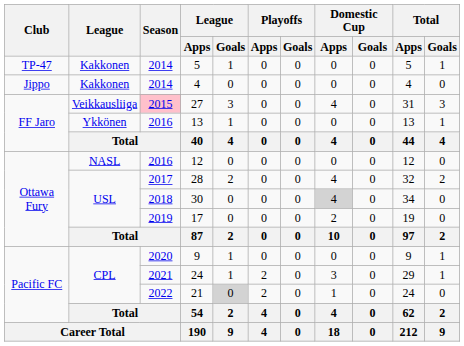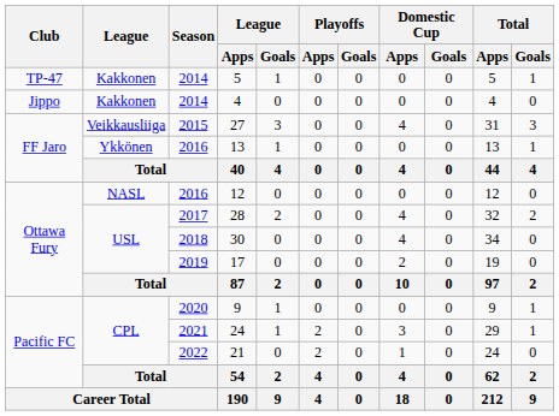 <table class="wikitable" style="text-align: center;">
 <tr>
 <th rowspan="2">Club</th>
 <th rowspan="2">League</th>
 <th rowspan="2">Season</th>
 <th colspan="2">League</th>
 <th colspan="2">Playoffs</th>
 <th colspan="2">Domestic Cup</th>
 <th colspan="2">Total</th>
 </tr>
 <tr>
 <th>Apps</th>
 <th>Goals</th>
 <th>Apps</th>
 <th>Goals</th>
 <th>Apps</th>
 <th>Goals</th>
 <th>Apps</th>
 <th>Goals</th>
 </tr>
 <tr>
 <td><a href='#'>TP-47</a></td>
 <td><a href='#'>Kakkonen</a></td>
 <td><a href='#'>2014</a></td>
 <td>5</td>
 <td>1</td>
 <td>0</td>
 <td>0</td>
 <td>0</td>
 <td>0</td>
 <td>5</td>
 <td>1</td>
 </tr>
 <tr>
 <td><a href='#'>Jippo</a></td>
 <td><a href='#'>Kakkonen</a></td>
 <td><a href='#'>2014</a></td>
 <td>4</td>
 <td>0</td>
 <td>0</td>
 <td>0</td>
 <td>0</td>
 <td>0</td>
 <td>4</td>
 <td>0</td>
 </tr>
 <tr>
 <td rowspan="3"><a href='#'>FF Jaro</a></td>
 <td><a href='#'>Veikkausliiga</a></td>
-<td style="background: pink;"><a href='#'>2015</a></td>
+<td><a href='#'>2015</a></td>
 <td>27</td>
 <td>3</td>
 <td>0</td>
 <td>0</td>
 <td>4</td>
 <td>0</td>
 <td>31</td>
 <td>3</td>
 </tr>
 <tr>
 <td><a href='#'>Ykkönen</a></td>
 <td><a href='#'>2016</a></td>
 <td>13</td>
 <td>1</td>
 <td>0</td>
 <td>0</td>
 <td>0</td>
 <td>0</td>
 <td>13</td>
 <td>1</td>
 </tr>
 <tr>
 <th colspan="2">Total</th>
 <th>40</th>
 <th>4</th>
 <th>0</th>
 <th>0</th>
 <th>4</th>
 <th>0</th>
 <th>44</th>
 <th>4</th>
 </tr>
 <tr>
 <td rowspan="5"><a href='#'>Ottawa Fury</a></td>
 <td><a href='#'>NASL</a></td>
 <td><a href='#'>2016</a></td>
 <td>12</td>
 <td>0</td>
 <td>0</td>
 <td>0</td>
 <td>0</td>
 <td>0</td>
 <td>12</td>
 <td>0</td>
 </tr>
 <tr>
 <td rowspan="3"><a href='#'>USL</a></td>
 <td><a href='#'>2017</a></td>
 <td>28</td>
 <td>2</td>
 <td>0</td>
 <td>0</td>
 <td>4</td>
 <td>0</td>
 <td>32</td>
 <td>2</td>
 </tr>
 <tr>
 <td><a href='#'>2018</a></td>
 <td>30</td>
 <td>0</td>
 <td>0</td>
 <td>0</td>
-<td style="background: lightgrey;">4</td>
+<td>4</td>
 <td>0</td>
 <td>34</td>
 <td>0</td>
 </tr>
 <tr>
 <td><a href='#'>2019</a></td>
 <td>17</td>
 <td>0</td>
 <td>0</td>
 <td>0</td>
 <td>2</td>
 <td>0</td>
 <td>19</td>
 <td>0</td>
 </tr>
 <tr>
 <th colspan="2">Total</th>
 <th>87</th>
 <th>2</th>
 <th>0</th>
 <th>0</th>
 <th>10</th>
 <th>0</th>
 <th>97</th>
 <th>2</th>
 </tr>
 <tr>
 <td rowspan="4"><a href='#'>Pacific FC</a></td>
 <td rowspan="3"><a href='#'>CPL</a></td>
 <td><a href='#'>2020</a></td>
 <td>9</td>
 <td>1</td>
 <td>0</td>
 <td>0</td>
 <td>0</td>
 <td>0</td>
 <td>9</td>
 <td>1</td>
 </tr>
 <tr>
 <td><a href='#'>2021</a></td>
 <td>24</td>
 <td>1</td>
 <td>2</td>
 <td>0</td>
 <td>3</td>
 <td>0</td>
 <td>29</td>
 <td>1</td>
 </tr>
 <tr>
 <td><a href='#'>2022</a></td>
 <td>21</td>
-<td style="background: lightgrey;">0</td>
+<td>0</td>
 <td>2</td>
 <td>0</td>
 <td>1</td>
 <td>0</td>
 <td>24</td>
 <td>0</td>
 </tr>
 <tr>
 <th colspan="2">Total</th>
 <th>54</th>
 <th>2</th>
 <th>4</th>
 <th>0</th>
 <th>4</th>
 <th>0</th>
 <th>62</th>
 <th>2</th>
 </tr>
 <tr>
 <th colspan="3">Career Total</th>
 <th>190</th>
 <th>9</th>
 <th>4</th>
 <th>0</th>
 <th>18</th>
 <th>0</th>
 <th>212</th>
 <th>9</th>
 </tr>
 </table>
